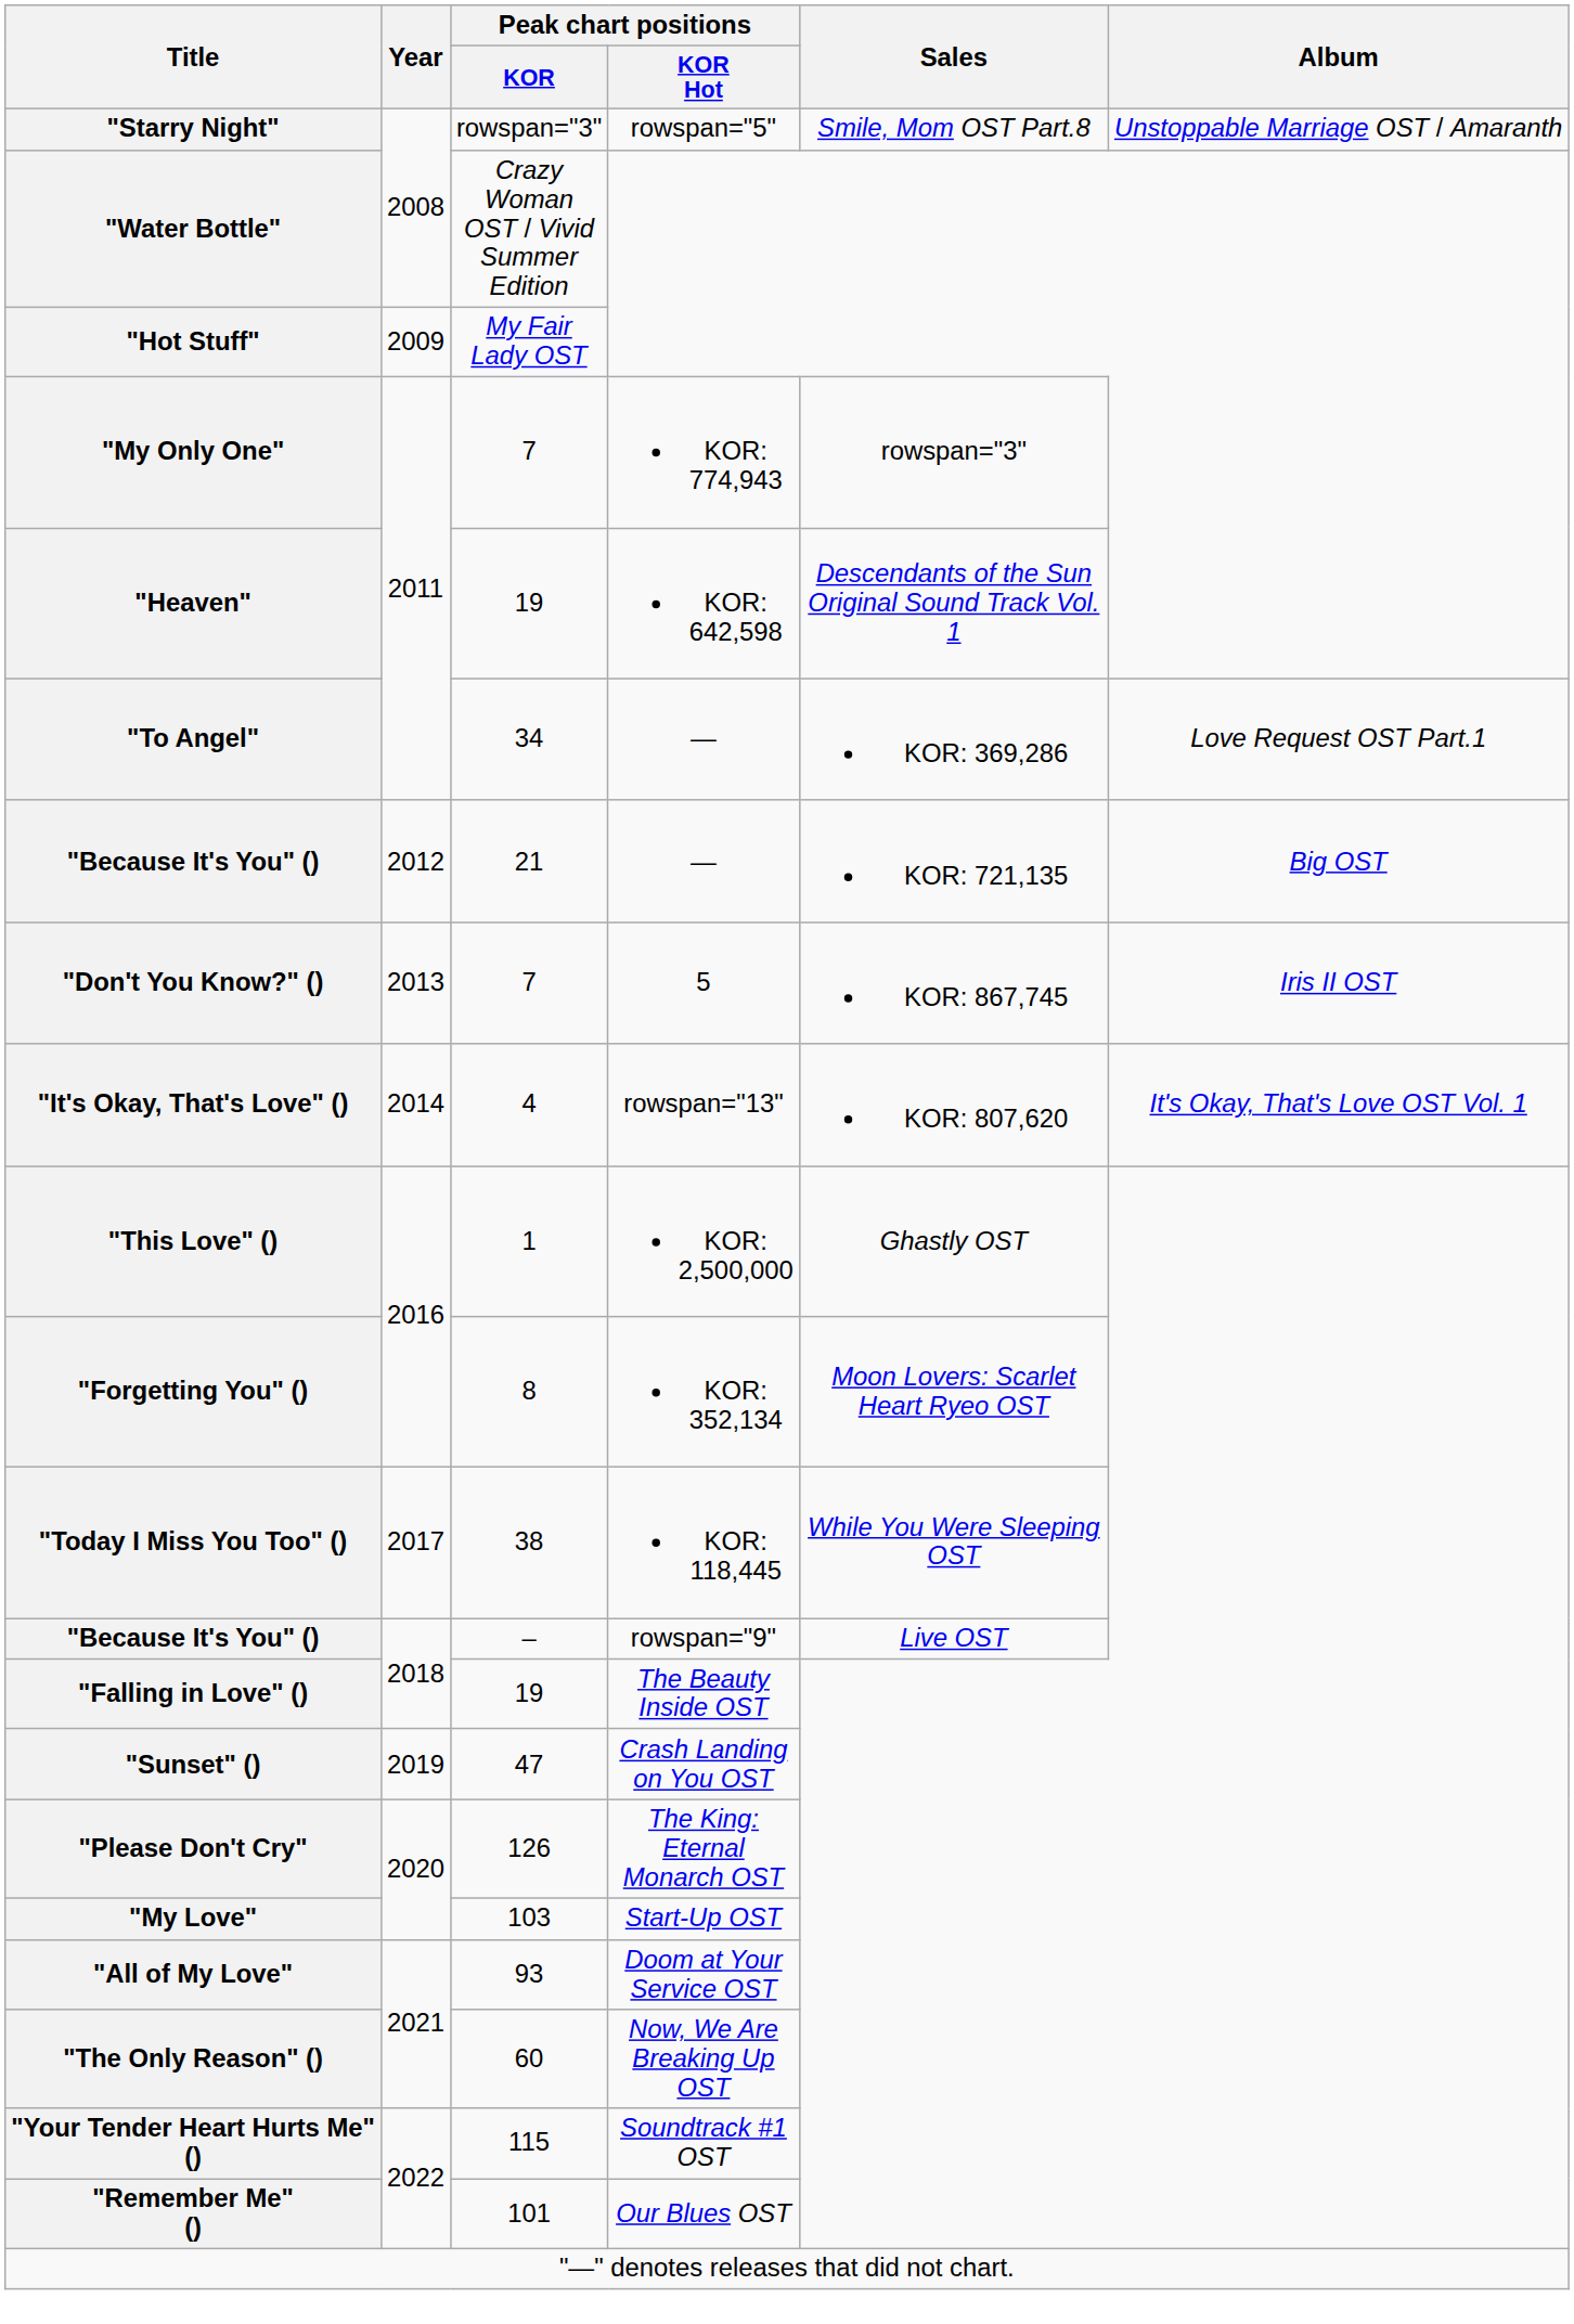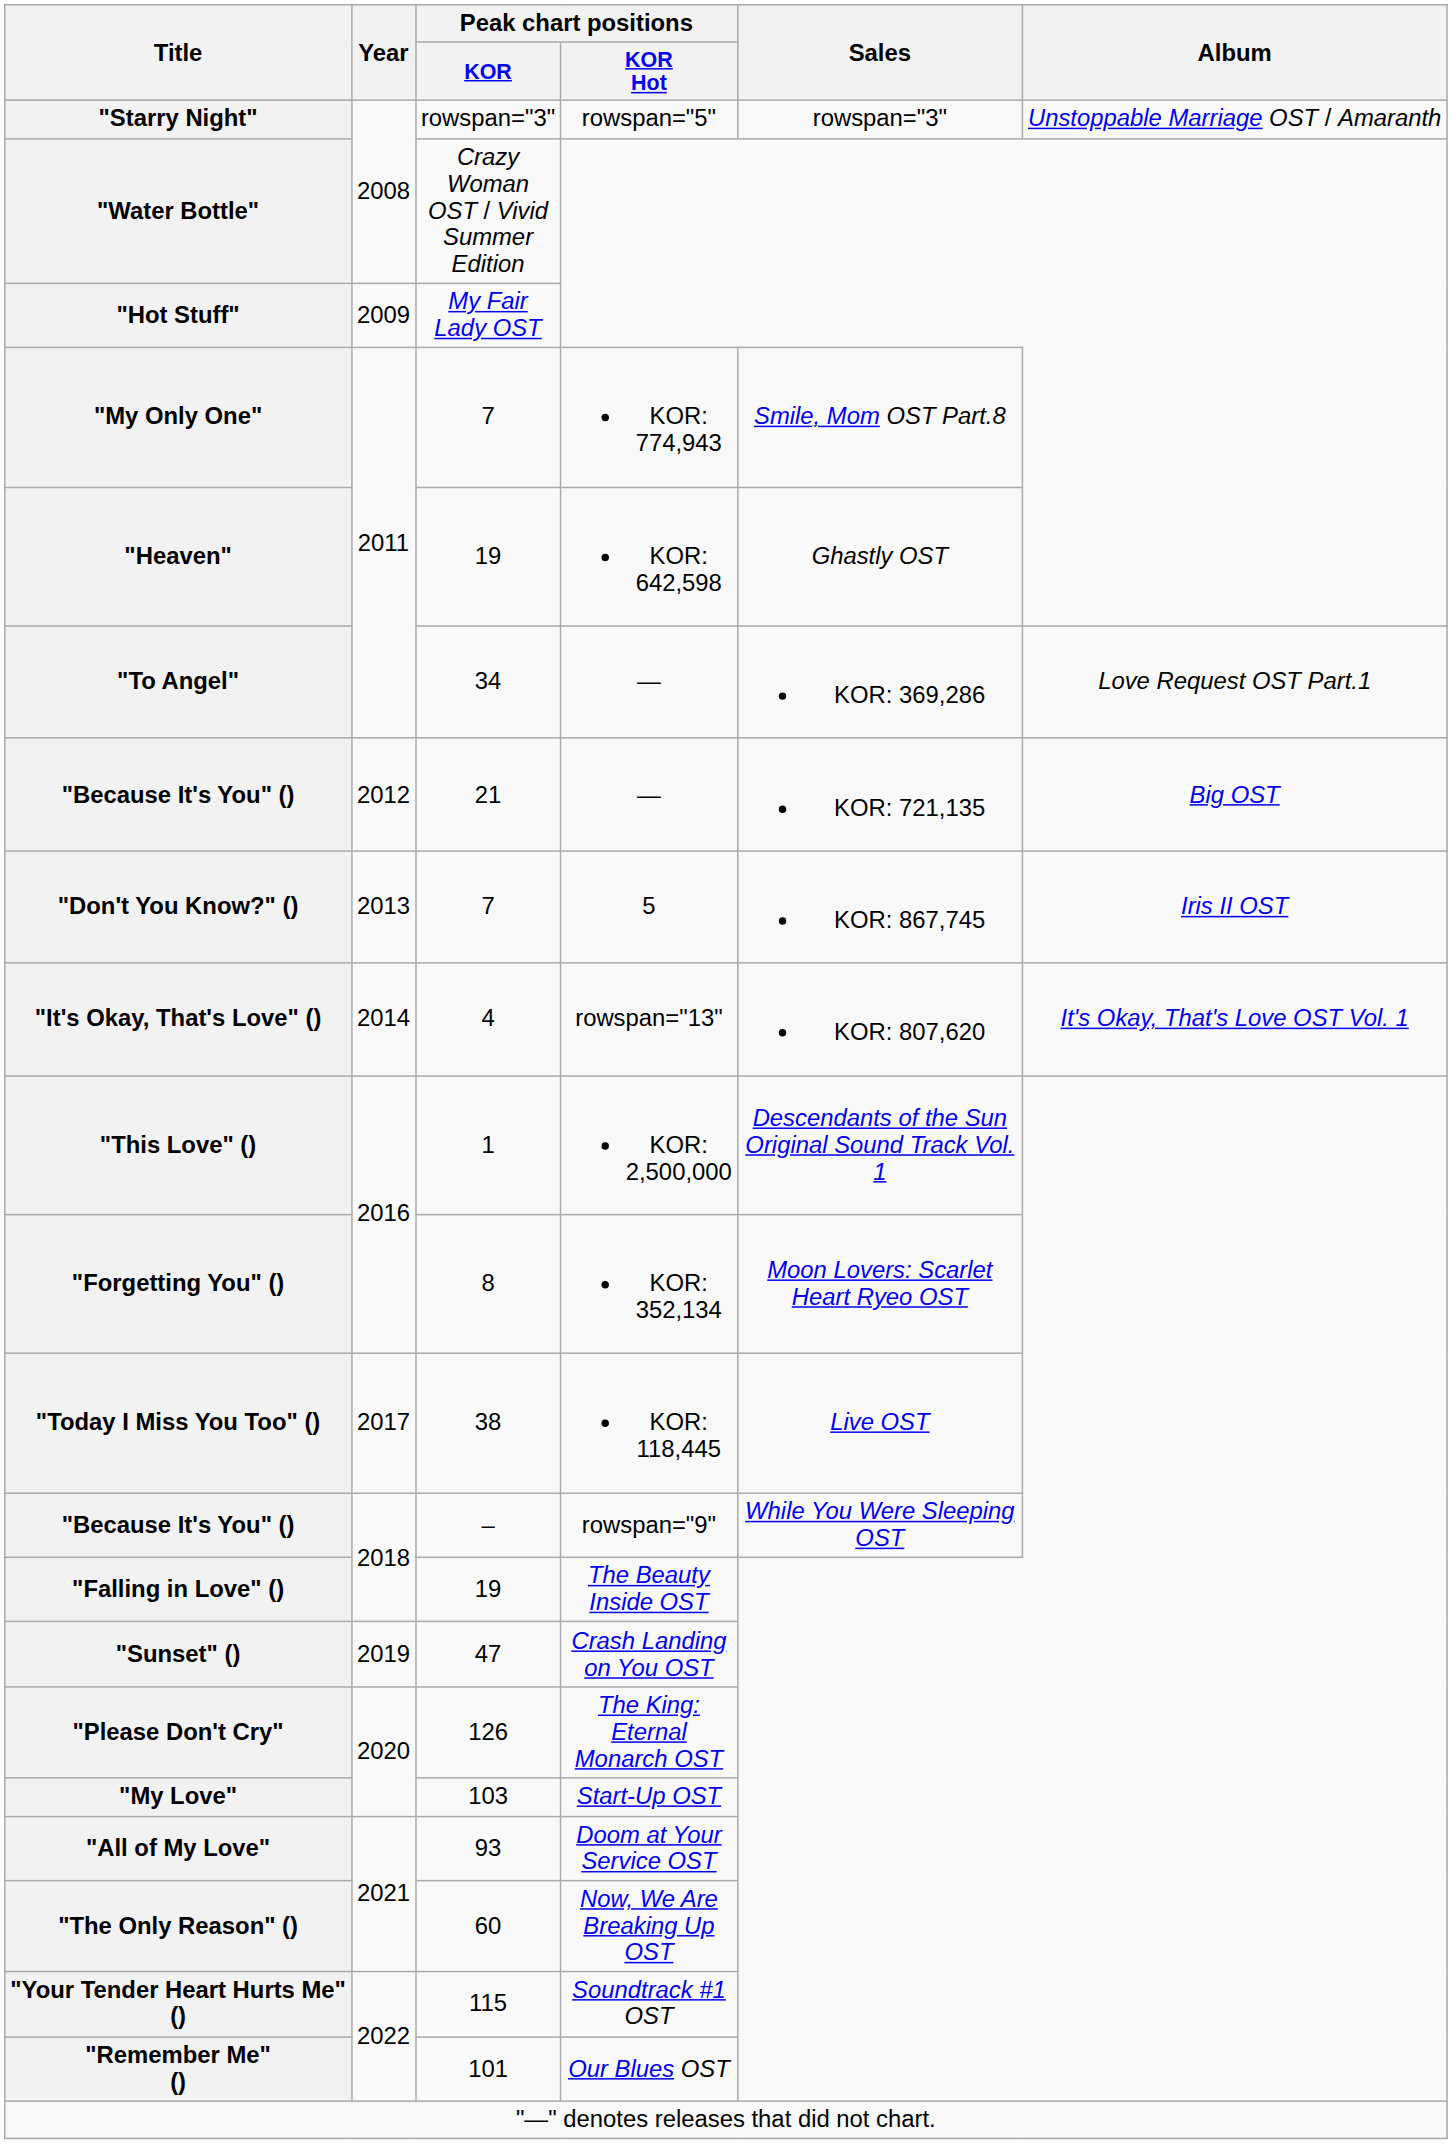 <table class="wikitable plainrowheaders" style="text-align:center;">
 <tr>
 <th scope="col" rowspan="2">Title</th>
 <th scope="col" rowspan="2">Year</th>
 <th scope="col" colspan="2">Peak chart positions</th>
 <th scope="col" rowspan="2" style="width:11.5em;">Sales</th>
 <th scope="col" rowspan="2">Album</th>
 </tr>
 <tr>
 <th scope="col" style="width:3em;font-size:90%;"><a href='#'>KOR</a><br></th>
 <th scope="col" style="width:3em;font-size:90%;"><a href='#'>KOR<br>Hot</a><br></th>
 </tr>
 <tr>
 <th scope="row">"Starry Night"</th>
 <td rowspan="2">2008</td>
 <td>rowspan="3" </td>
 <td>rowspan="5" </td>
-<td><em><a href='#'>Smile, Mom</a> OST Part.8</em></td>
+<td>rowspan="3" </td>
 <td><em><a href='#'>Unstoppable Marriage</a> OST</em> / <em>Amaranth</em></td>
 </tr>
 <tr>
 <th scope="row">"Water Bottle"</th>
 <td><em>Crazy Woman OST</em> / <em>Vivid Summer Edition</em></td>
 </tr>
 <tr>
 <th scope="row">"Hot Stuff"</th>
 <td>2009</td>
 <td><em><a href='#'>My Fair Lady OST</a></em></td>
 </tr>
 <tr>
 <th scope="row">"My Only One"</th>
 <td rowspan="3">2011</td>
 <td>7</td>
 <td><br><ul><li>KOR: 774,943</li></ul></td>
-<td>rowspan="3" </td>
+<td><em><a href='#'>Smile, Mom</a> OST Part.8</em></td>
 </tr>
 <tr>
 <th scope="row">"Heaven"</th>
 <td>19</td>
 <td><br><ul><li>KOR: 642,598</li></ul></td>
-<td><em><a href='#'>Descendants of the Sun Original Sound Track Vol. 1</a></em></td>
+<td><em>Ghastly OST</em> </td>
 </tr>
 <tr>
 <th scope="row">"To Angel"</th>
 <td>34</td>
 <td>—</td>
 <td><br><ul><li>KOR: 369,286</li></ul></td>
 <td><em>Love Request OST Part.1</em></td>
 </tr>
 <tr>
 <th scope="row">"Because It's You" ()</th>
 <td>2012</td>
 <td>21</td>
 <td>—</td>
 <td><br><ul><li>KOR: 721,135</li></ul></td>
 <td><em><a href='#'>Big OST</a></em></td>
 </tr>
 <tr>
 <th scope="row">"Don't You Know?" ()</th>
 <td>2013</td>
 <td>7</td>
 <td>5</td>
 <td><br><ul><li>KOR: 867,745</li></ul></td>
 <td><em><a href='#'>Iris II OST</a></em></td>
 </tr>
 <tr>
 <th scope="row">"It's Okay, That's Love" ()</th>
 <td>2014</td>
 <td>4</td>
 <td>rowspan="13" </td>
 <td><br><ul><li>KOR: 807,620</li></ul></td>
 <td><em><a href='#'>It's Okay, That's Love OST Vol. 1</a></em></td>
 </tr>
 <tr>
 <th scope="row">"This Love" ()</th>
 <td rowspan="2">2016</td>
 <td>1</td>
 <td><br><ul><li>KOR: 2,500,000</li></ul></td>
-<td><em>Ghastly OST</em> </td>
+<td><em><a href='#'>Descendants of the Sun Original Sound Track Vol. 1</a></em></td>
 </tr>
 <tr>
 <th scope="row">"Forgetting You" ()</th>
 <td>8</td>
 <td><br><ul><li>KOR: 352,134</li></ul></td>
 <td><em><a href='#'>Moon Lovers: Scarlet Heart Ryeo OST</a></em></td>
 </tr>
 <tr>
 <th scope="row">"Today I Miss You Too" ()</th>
 <td>2017</td>
 <td>38</td>
 <td><br><ul><li>KOR: 118,445</li></ul></td>
-<td><em><a href='#'>While You Were Sleeping OST</a></em></td>
+<td><em><a href='#'>Live OST</a></em></td>
 </tr>
 <tr>
 <th scope="row">"Because It's You" ()</th>
 <td rowspan="2">2018</td>
 <td>–</td>
 <td>rowspan="9" </td>
-<td><em><a href='#'>Live OST</a></em></td>
+<td><em><a href='#'>While You Were Sleeping OST</a></em></td>
 </tr>
 <tr>
 <th scope="row">"Falling in Love" ()</th>
 <td>19</td>
 <td><em><a href='#'>The Beauty Inside OST</a></em></td>
 </tr>
 <tr>
 <th scope="row">"Sunset" ()</th>
 <td>2019</td>
 <td>47</td>
 <td><em><a href='#'>Crash Landing on You OST</a></em></td>
 </tr>
 <tr>
 <th scope="row">"Please Don't Cry"</th>
 <td rowspan="2">2020</td>
 <td>126</td>
 <td><em><a href='#'>The King: Eternal Monarch OST</a></em></td>
 </tr>
 <tr>
 <th scope="row">"My Love"</th>
 <td>103</td>
 <td><em><a href='#'>Start-Up OST</a></em></td>
 </tr>
 <tr>
 <th scope="row">"All of My Love"</th>
 <td rowspan="2">2021</td>
 <td>93</td>
 <td><em><a href='#'>Doom at Your Service OST</a></em></td>
 </tr>
 <tr>
 <th scope="row">"The Only Reason" ()</th>
 <td>60</td>
 <td><em><a href='#'>Now, We Are Breaking Up OST</a></em></td>
 </tr>
 <tr>
 <th scope="row">"Your Tender Heart Hurts Me" <br> ()</th>
 <td rowspan="2">2022</td>
 <td>115</td>
 <td><em><a href='#'>Soundtrack #1</a> OST</em></td>
 </tr>
 <tr>
 <th scope="row">"Remember Me" <br> ()</th>
 <td>101</td>
 <td><em><a href='#'>Our Blues</a> OST</em></td>
 </tr>
 <tr>
 <td colspan="6">"—" denotes releases that did not chart.</td>
 </tr>
 </table>
